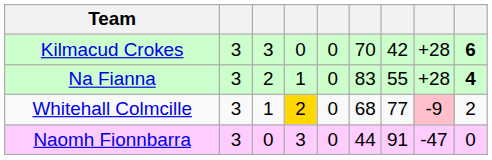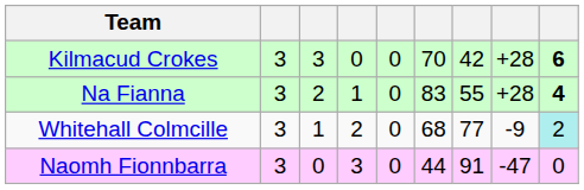 <table class="wikitable" style="text-align:center">
 <tr>
 <th style="width:175px;">Team</th>
 <th width="20"></th>
 <th width="20"></th>
 <th width="20"></th>
 <th width="20"></th>
 <th width="20"></th>
 <th width="20"></th>
 <th width="20"></th>
 <th width="20"></th>
 </tr>
 <tr style="background:#cfc;">
 <td><a href='#'>Kilmacud Crokes</a></td>
 <td>3</td>
 <td>3</td>
 <td>0</td>
 <td>0</td>
 <td>70</td>
 <td>42</td>
 <td>+28</td>
 <td><strong>6</strong></td>
 </tr>
 <tr style="background:#cfc;">
 <td><a href='#'>Na Fianna</a></td>
 <td>3</td>
 <td>2</td>
 <td>1</td>
 <td>0</td>
 <td>83</td>
 <td>55</td>
 <td>+28</td>
 <td><strong>4</strong></td>
 </tr>
 <tr>
 <td><a href='#'>Whitehall Colmcille</a></td>
 <td>3</td>
 <td>1</td>
-<td style="background: gold;">2</td>
+<td>2</td>
 <td>0</td>
 <td>68</td>
 <td>77</td>
-<td style="background: pink;">-9</td>
-<td>2</td>
+<td>-9</td>
+<td style="background: paleturquoise;">2</td>
 </tr>
 <tr style="background:#fcf;">
 <td><a href='#'>Naomh Fionnbarra</a></td>
 <td>3</td>
 <td>0</td>
 <td>3</td>
 <td>0</td>
 <td>44</td>
 <td>91</td>
 <td>-47</td>
 <td>0</td>
 </tr>
 </table>
